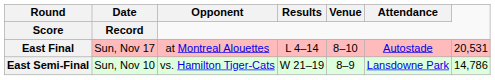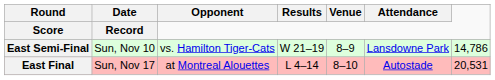 <table class="wikitable" style="text-align:center">
 <tr>
 <th>Round</th>
 <th>Date</th>
 <th>Opponent</th>
 <th>Results</th>
 <th>Venue</th>
 <th>Attendance</th>
 </tr>
 <tr>
 <th>Score</th>
 <th>Record</th>
 </tr>
+<tr style="background:#ddffdd">
+<th>East Semi-Final</th>
+<td>Sun, Nov 10</td>
+<td>vs. <a href='#'>Hamilton Tiger-Cats</a></td>
+<td>W 21–19</td>
+<td>8–9</td>
+<td><a href='#'>Lansdowne Park</a></td>
+<td>14,786</td>
+</tr>
 <tr style="background:#ffbbbb">
 <th>East Final</th>
 <td>Sun, Nov 17</td>
 <td>at <a href='#'>Montreal Alouettes</a></td>
 <td>L 4–14</td>
 <td>8–10</td>
 <td><a href='#'>Autostade</a></td>
 <td>20,531</td>
 </tr>
-<tr style="background:#ddffdd">
-<th>East Semi-Final</th>
-<td>Sun, Nov 10</td>
-<td>vs. <a href='#'>Hamilton Tiger-Cats</a></td>
-<td>W 21–19</td>
-<td>8–9</td>
-<td><a href='#'>Lansdowne Park</a></td>
-<td>14,786</td>
-</tr>
 </table>
